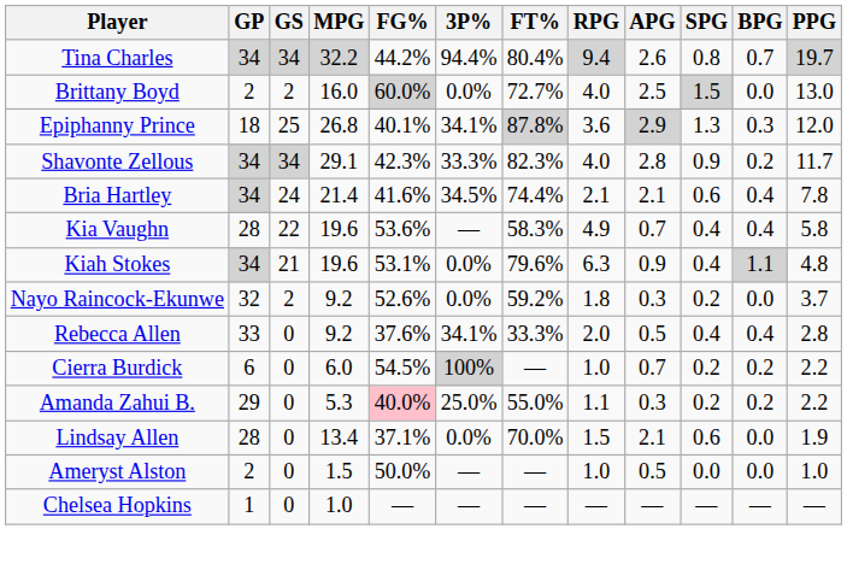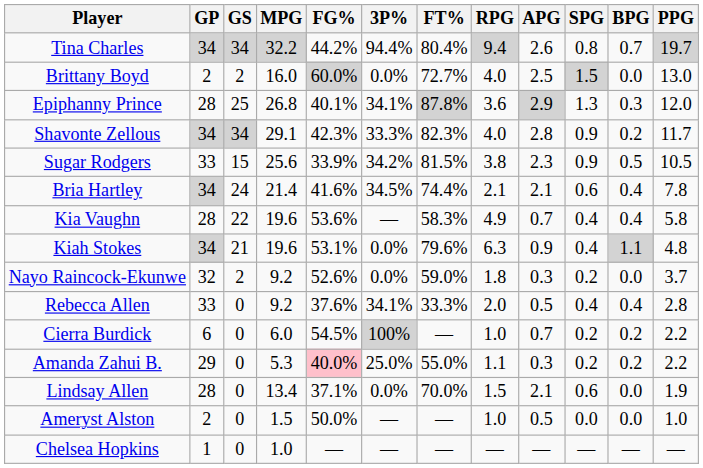 <table class="wikitable sortable" style="text-align:center;">
 <tr>
 <th>Player</th>
 <th>GP</th>
 <th>GS</th>
 <th>MPG</th>
 <th>FG%</th>
 <th>3P%</th>
 <th>FT%</th>
 <th>RPG</th>
 <th>APG</th>
 <th>SPG</th>
 <th>BPG</th>
 <th>PPG</th>
 </tr>
 <tr>
 <td><a href='#'>Tina Charles</a></td>
 <td style="background:#D3D3D3;">34</td>
 <td style="background:#D3D3D3;">34</td>
 <td style="background:#D3D3D3;">32.2</td>
 <td>44.2%</td>
 <td>94.4%</td>
 <td>80.4%</td>
 <td style="background:#D3D3D3;">9.4</td>
 <td>2.6</td>
 <td>0.8</td>
 <td>0.7</td>
 <td style="background:#D3D3D3;">19.7</td>
 </tr>
 <tr>
 <td><a href='#'>Brittany Boyd</a></td>
 <td>2</td>
 <td>2</td>
 <td>16.0</td>
 <td style="background:#D3D3D3;">60.0%</td>
 <td>0.0%</td>
 <td>72.7%</td>
 <td>4.0</td>
 <td>2.5</td>
 <td style="background:#D3D3D3;">1.5</td>
 <td>0.0</td>
 <td>13.0</td>
 </tr>
 <tr>
 <td><a href='#'>Epiphanny Prince</a></td>
-<td>18</td>
+<td>28</td>
 <td>25</td>
 <td>26.8</td>
 <td>40.1%</td>
 <td>34.1%</td>
 <td style="background:#D3D3D3;">87.8%</td>
 <td>3.6</td>
 <td style="background:#D3D3D3;">2.9</td>
 <td>1.3</td>
 <td>0.3</td>
 <td>12.0</td>
 </tr>
 <tr>
 <td><a href='#'>Shavonte Zellous</a></td>
 <td style="background:#D3D3D3;">34</td>
 <td style="background:#D3D3D3;">34</td>
 <td>29.1</td>
 <td>42.3%</td>
 <td>33.3%</td>
 <td>82.3%</td>
 <td>4.0</td>
 <td>2.8</td>
 <td>0.9</td>
 <td>0.2</td>
 <td>11.7</td>
+</tr>
+<tr>
+<td><a href='#'>Sugar Rodgers</a></td>
+<td>33</td>
+<td>15</td>
+<td>25.6</td>
+<td>33.9%</td>
+<td>34.2%</td>
+<td>81.5%</td>
+<td>3.8</td>
+<td>2.3</td>
+<td>0.9</td>
+<td>0.5</td>
+<td>10.5</td>
 </tr>
 <tr>
 <td><a href='#'>Bria Hartley</a></td>
 <td style="background:#D3D3D3;">34</td>
 <td>24</td>
 <td>21.4</td>
 <td>41.6%</td>
 <td>34.5%</td>
 <td>74.4%</td>
 <td>2.1</td>
 <td>2.1</td>
 <td>0.6</td>
 <td>0.4</td>
 <td>7.8</td>
 </tr>
 <tr>
 <td><a href='#'>Kia Vaughn</a></td>
 <td>28</td>
 <td>22</td>
 <td>19.6</td>
 <td>53.6%</td>
 <td>—</td>
 <td>58.3%</td>
 <td>4.9</td>
 <td>0.7</td>
 <td>0.4</td>
 <td>0.4</td>
 <td>5.8</td>
 </tr>
 <tr>
 <td><a href='#'>Kiah Stokes</a></td>
 <td style="background:#D3D3D3;">34</td>
 <td>21</td>
 <td>19.6</td>
 <td>53.1%</td>
 <td>0.0%</td>
 <td>79.6%</td>
 <td>6.3</td>
 <td>0.9</td>
 <td>0.4</td>
 <td style="background:#D3D3D3;">1.1</td>
 <td>4.8</td>
 </tr>
 <tr>
 <td><a href='#'>Nayo Raincock-Ekunwe</a></td>
 <td>32</td>
 <td>2</td>
 <td>9.2</td>
 <td>52.6%</td>
 <td>0.0%</td>
-<td>59.2%</td>
+<td>59.0%</td>
 <td>1.8</td>
 <td>0.3</td>
 <td>0.2</td>
 <td>0.0</td>
 <td>3.7</td>
 </tr>
 <tr>
 <td><a href='#'>Rebecca Allen</a></td>
 <td>33</td>
 <td>0</td>
 <td>9.2</td>
 <td>37.6%</td>
 <td>34.1%</td>
 <td>33.3%</td>
 <td>2.0</td>
 <td>0.5</td>
 <td>0.4</td>
 <td>0.4</td>
 <td>2.8</td>
 </tr>
 <tr>
 <td><a href='#'>Cierra Burdick</a></td>
 <td>6</td>
 <td>0</td>
 <td>6.0</td>
 <td>54.5%</td>
 <td style="background:#D3D3D3;">100%</td>
 <td>—</td>
 <td>1.0</td>
 <td>0.7</td>
 <td>0.2</td>
 <td>0.2</td>
 <td>2.2</td>
 </tr>
 <tr>
 <td><a href='#'>Amanda Zahui B.</a></td>
 <td>29</td>
 <td>0</td>
 <td>5.3</td>
 <td style="background: pink;">40.0%</td>
 <td>25.0%</td>
 <td>55.0%</td>
 <td>1.1</td>
 <td>0.3</td>
 <td>0.2</td>
 <td>0.2</td>
 <td>2.2</td>
 </tr>
 <tr>
 <td><a href='#'>Lindsay Allen</a></td>
 <td>28</td>
 <td>0</td>
 <td>13.4</td>
 <td>37.1%</td>
 <td>0.0%</td>
 <td>70.0%</td>
 <td>1.5</td>
 <td>2.1</td>
 <td>0.6</td>
 <td>0.0</td>
 <td>1.9</td>
 </tr>
 <tr>
 <td><a href='#'>Ameryst Alston</a></td>
 <td>2</td>
 <td>0</td>
 <td>1.5</td>
 <td>50.0%</td>
 <td>—</td>
 <td>—</td>
 <td>1.0</td>
 <td>0.5</td>
 <td>0.0</td>
 <td>0.0</td>
 <td>1.0</td>
 </tr>
 <tr>
 <td><a href='#'>Chelsea Hopkins</a></td>
 <td>1</td>
 <td>0</td>
 <td>1.0</td>
 <td>—</td>
 <td>—</td>
 <td>—</td>
 <td>—</td>
 <td>—</td>
 <td>—</td>
 <td>—</td>
 <td>—</td>
 </tr>
 </table>
